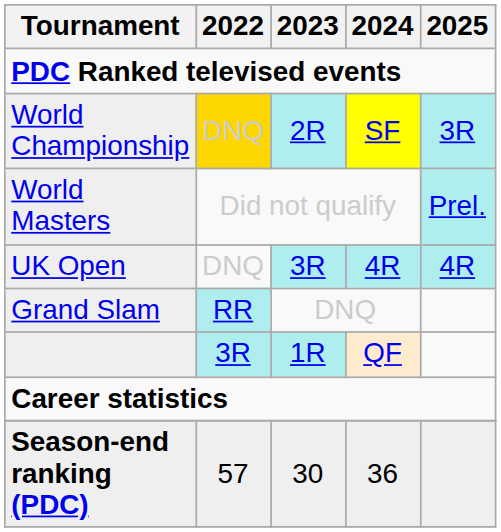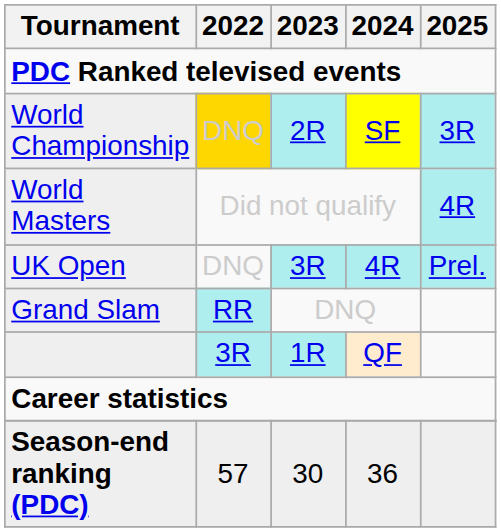 <table class="wikitable" style="width:20%; margin:0">
 <tr>
 <th>Tournament</th>
 <th>2022</th>
 <th>2023</th>
 <th>2024</th>
 <th>2025</th>
 </tr>
 <tr>
 <td colspan="31" align="left"><strong><a href='#'>PDC</a> Ranked televised events</strong></td>
 </tr>
 <tr>
 <td style="background:#efefef;"><a href='#'>World Championship</a></td>
 <td style="background: gold; text-align:center; color:#ccc;">DNQ</td>
 <td style="text-align:center; background:#afeeee;"><a href='#'>2R</a></td>
 <td style="text-align:center; background:yellow;"><a href='#'>SF</a></td>
 <td style="text-align:center; background:#afeeee;"><a href='#'>3R</a></td>
 </tr>
 <tr>
 <td style="background:#efefef;"><a href='#'>World Masters</a></td>
 <td colspan="3" style="text-align:center; color:#ccc;">Did not qualify</td>
-<td style="text-align:center; background:#afeeee;"><a href='#'>Prel.</a></td>
+<td style="text-align:center; background:#afeeee;"><a href='#'>4R</a></td>
 </tr>
 <tr>
 <td style="background:#efefef;"><a href='#'>UK Open</a></td>
 <td style="text-align:center; color:#ccc;">DNQ</td>
 <td style="text-align:center; background:#afeeee;"><a href='#'>3R</a></td>
 <td style="text-align:center; background:#afeeee;"><a href='#'>4R</a></td>
-<td style="text-align:center; background:#afeeee;"><a href='#'>4R</a></td>
+<td style="text-align:center; background:#afeeee;"><a href='#'>Prel.</a></td>
 </tr>
 <tr>
 <td style="background:#efefef;"><a href='#'>Grand Slam</a></td>
 <td style="text-align:center; background:#afeeee;"><a href='#'>RR</a></td>
 <td colspan="2" style="text-align:center; color:#ccc;">DNQ</td>
 <td></td>
 </tr>
 <tr>
 <td style="background:#efefef;"></td>
 <td style="text-align:center; background:#afeeee;"><a href='#'>3R</a></td>
 <td style="text-align:center; background:#afeeee;"><a href='#'>1R</a></td>
 <td style="text-align:center; background:#ffebcd;"><a href='#'>QF</a></td>
 <td></td>
 </tr>
 <tr>
 <td colspan="16" align="left"><strong>Career statistics</strong></td>
 </tr>
 <tr>
 </tr>
 <tr bgcolor="efefef">
 <td align="left"><strong>Season-end ranking <a href='#'>(PDC)</a></strong></td>
 <td style="text-align:center;">57</td>
 <td style="text-align:center;">30</td>
 <td style="text-align:center;">36</td>
 <td></td>
 </tr>
 </table>
